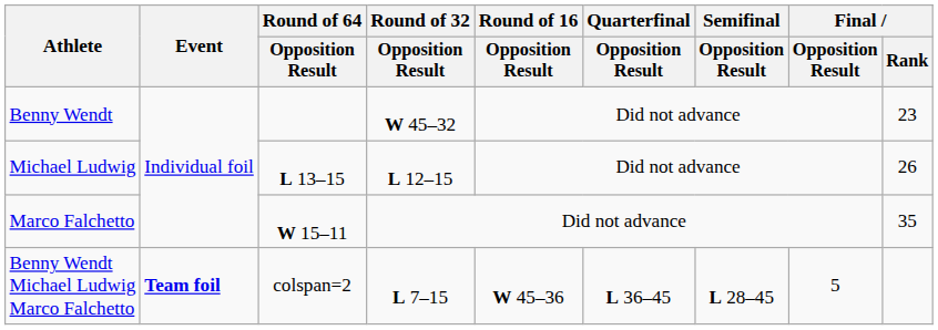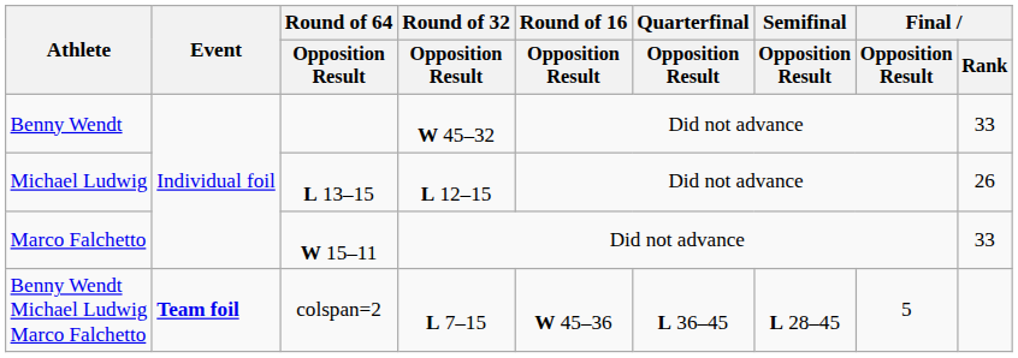 <table class=wikitable style=font-size:90%;text-align:center>
 <tr>
 <th rowspan=2>Athlete</th>
 <th rowspan=2>Event</th>
 <th>Round of 64</th>
 <th>Round of 32</th>
 <th>Round of 16</th>
 <th>Quarterfinal</th>
 <th>Semifinal</th>
 <th colspan=2>Final / </th>
 </tr>
 <tr style=font-size:95%>
 <th>Opposition<br>Result</th>
 <th>Opposition<br>Result</th>
 <th>Opposition<br>Result</th>
 <th>Opposition<br>Result</th>
 <th>Opposition<br>Result</th>
 <th>Opposition<br>Result</th>
 <th>Rank</th>
 </tr>
 <tr>
 <td align=left><a href='#'>Benny Wendt</a></td>
 <td align=left rowspan=3><a href='#'>Individual foil</a></td>
 <td></td>
 <td><br><strong>W</strong> 45–32</td>
 <td colspan=4>Did not advance</td>
-<td>23</td>
+<td>33</td>
 </tr>
 <tr>
 <td align=left><a href='#'>Michael Ludwig</a></td>
 <td><br><strong>L</strong> 13–15</td>
 <td><br><strong>L</strong> 12–15</td>
 <td colspan=4>Did not advance</td>
 <td>26</td>
 </tr>
 <tr>
 <td align=left><a href='#'>Marco Falchetto</a></td>
 <td><br><strong>W</strong> 15–11</td>
 <td colspan=5>Did not advance</td>
-<td>35</td>
+<td>33</td>
 </tr>
 <tr>
 <td align=left><a href='#'>Benny Wendt</a><br><a href='#'>Michael Ludwig</a><br><a href='#'>Marco Falchetto</a></td>
 <td align=left><strong><a href='#'>Team foil</a></strong></td>
 <td>colspan=2 </td>
 <td><br><strong>L</strong> 7–15</td>
 <td><br><strong>W</strong> 45–36</td>
 <td><br><strong>L</strong> 36–45</td>
 <td><br><strong>L</strong> 28–45</td>
 <td>5</td>
 </tr>
 </table>
